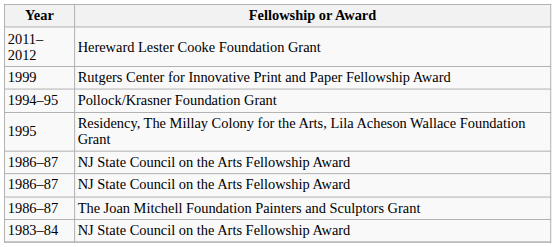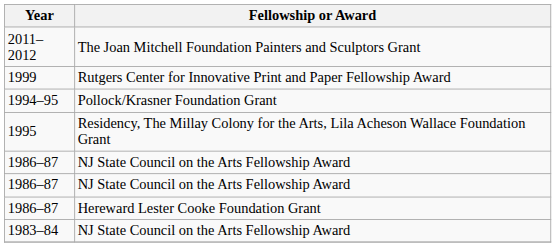 <table class="wikitable">
 <tr>
 <th>Year</th>
 <th>Fellowship or Award</th>
 </tr>
 <tr>
 <td>2011–2012</td>
-<td>Hereward Lester Cooke Foundation Grant</td>
+<td>The Joan Mitchell Foundation Painters and Sculptors Grant</td>
 </tr>
 <tr>
 <td>1999</td>
 <td>Rutgers Center for Innovative Print and Paper Fellowship Award</td>
 </tr>
 <tr>
 <td>1994–95</td>
 <td>Pollock/Krasner Foundation Grant</td>
 </tr>
 <tr>
 <td>1995</td>
 <td>Residency, The Millay Colony for the Arts, Lila Acheson Wallace Foundation Grant</td>
 </tr>
 <tr>
 <td>1986–87</td>
 <td>NJ State Council on the Arts Fellowship Award</td>
 </tr>
 <tr>
 <td>1986–87</td>
 <td>NJ State Council on the Arts Fellowship Award</td>
 </tr>
 <tr>
 <td>1986–87</td>
-<td>The Joan Mitchell Foundation Painters and Sculptors Grant</td>
+<td>Hereward Lester Cooke Foundation Grant</td>
 </tr>
 <tr>
 <td>1983–84</td>
 <td>NJ State Council on the Arts Fellowship Award</td>
 </tr>
 <tr>
 </tr>
 </table>
